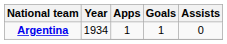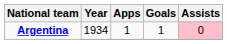 <table class="wikitable" style="font-size:90%; text-align: center;">
 <tr>
 <th>National team</th>
 <th>Year</th>
 <th>Apps</th>
 <th>Goals</th>
 <th>Assists</th>
 </tr>
 <tr>
 <td rowspan=7><strong><a href='#'>Argentina</a></strong></td>
 <td>1934</td>
 <td>1</td>
 <td>1</td>
-<td>0</td>
+<td style="background: pink;">0</td>
 </tr>
 <tr>
 </tr>
 </table>
